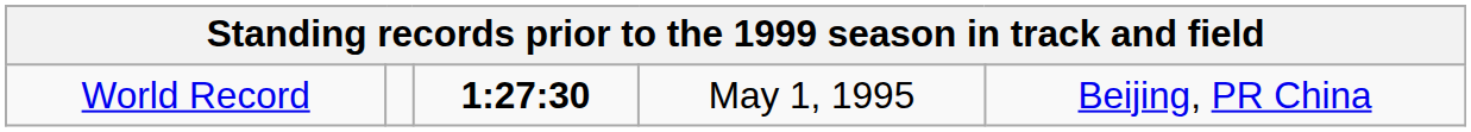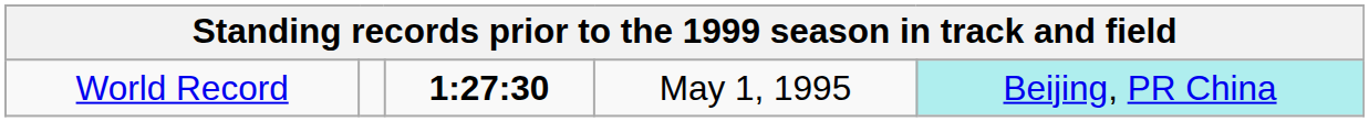 <table class="wikitable" style="text-align:center; width:100%">
 <tr>
 <th colspan="5">Standing records prior to the 1999 season in track and field</th>
 </tr>
 <tr>
 <td><a href='#'>World Record</a></td>
 <td></td>
 <td><strong>1:27:30</strong></td>
 <td>May 1, 1995</td>
-<td> <a href='#'>Beijing</a>, <a href='#'>PR China</a></td>
+<td style="background: paleturquoise;"> <a href='#'>Beijing</a>, <a href='#'>PR China</a></td>
 </tr>
 </table>
